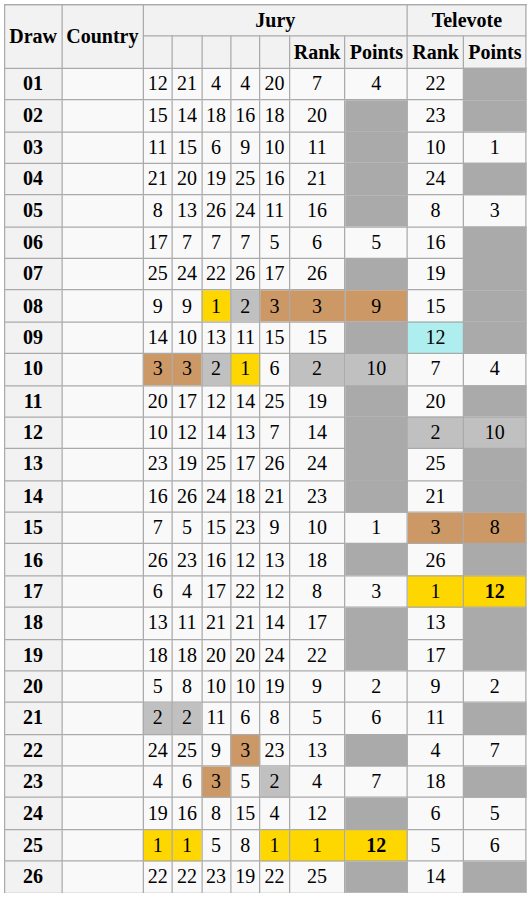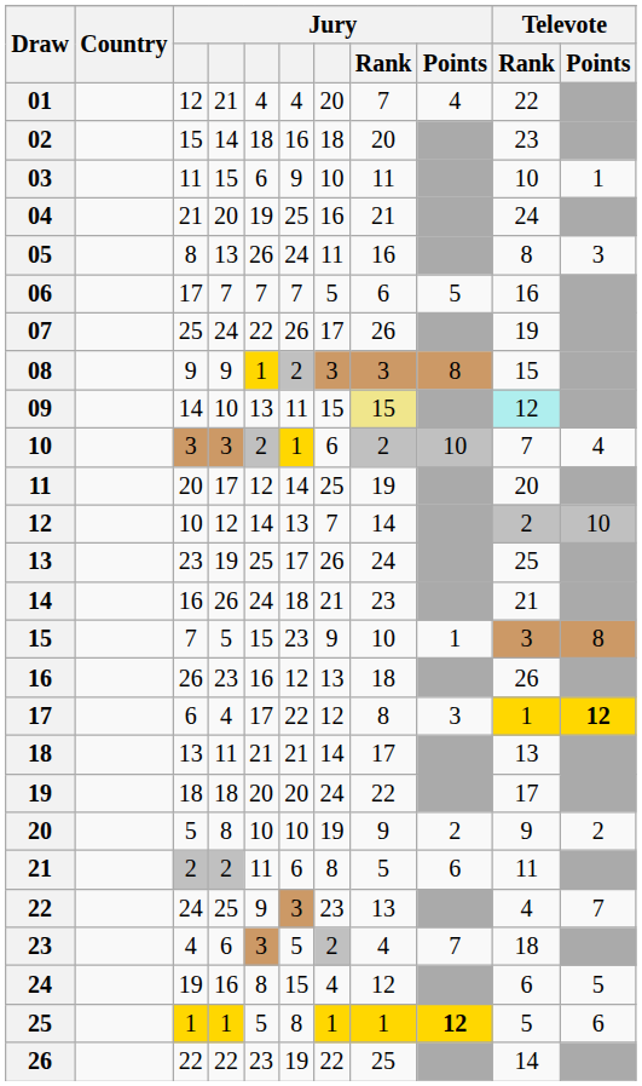 <table class="sortable wikitable collapsible plainrowheaders" style="text-align:center;">
 <tr>
 </tr>
 <tr>
 <th scope="col" rowspan="2">Draw</th>
 <th scope="col" rowspan="2">Country</th>
 <th scope="col" colspan="7">Jury</th>
 <th scope="col" colspan="2">Televote</th>
 </tr>
 <tr>
 <th scope="col"><small></small></th>
 <th scope="col"><small></small></th>
 <th scope="col"><small></small></th>
 <th scope="col"><small></small></th>
 <th scope="col"><small></small></th>
 <th scope="col">Rank</th>
 <th scope="col">Points</th>
 <th scope="col">Rank</th>
 <th scope="col">Points</th>
 </tr>
 <tr>
 <th scope="row" style="text-align:center;">01</th>
 <td style="text-align:left;"></td>
 <td>12</td>
 <td>21</td>
 <td>4</td>
 <td>4</td>
 <td>20</td>
 <td>7</td>
 <td>4</td>
 <td>22</td>
 <td style="background:#AAAAAA;"></td>
 </tr>
 <tr>
 <th scope="row" style="text-align:center;">02</th>
 <td style="text-align:left;"></td>
 <td>15</td>
 <td>14</td>
 <td>18</td>
 <td>16</td>
 <td>18</td>
 <td>20</td>
 <td style="background:#AAAAAA;"></td>
 <td>23</td>
 <td style="background:#AAAAAA;"></td>
 </tr>
 <tr>
 <th scope="row" style="text-align:center;">03</th>
 <td style="text-align:left;"></td>
 <td>11</td>
 <td>15</td>
 <td>6</td>
 <td>9</td>
 <td>10</td>
 <td>11</td>
 <td style="background:#AAAAAA;"></td>
 <td>10</td>
 <td>1</td>
 </tr>
 <tr>
 <th scope="row" style="text-align:center;">04</th>
 <td style="text-align:left;"></td>
 <td>21</td>
 <td>20</td>
 <td>19</td>
 <td>25</td>
 <td>16</td>
 <td>21</td>
 <td style="background:#AAAAAA;"></td>
 <td>24</td>
 <td style="background:#AAAAAA;"></td>
 </tr>
 <tr>
 <th scope="row" style="text-align:center;">05</th>
 <td style="text-align:left;"></td>
 <td>8</td>
 <td>13</td>
 <td>26</td>
 <td>24</td>
 <td>11</td>
 <td>16</td>
 <td style="background:#AAAAAA;"></td>
 <td>8</td>
 <td>3</td>
 </tr>
 <tr>
 <th scope="row" style="text-align:center;">06</th>
 <td style="text-align:left;"></td>
 <td>17</td>
 <td>7</td>
 <td>7</td>
 <td>7</td>
 <td>5</td>
 <td>6</td>
 <td>5</td>
 <td>16</td>
 <td style="background:#AAAAAA;"></td>
 </tr>
 <tr>
 <th scope="row" style="text-align:center;">07</th>
 <td style="text-align:left;"></td>
 <td>25</td>
 <td>24</td>
 <td>22</td>
 <td>26</td>
 <td>17</td>
 <td>26</td>
 <td style="background:#AAAAAA;"></td>
 <td>19</td>
 <td style="background:#AAAAAA;"></td>
 </tr>
 <tr>
 <th scope="row" style="text-align:center;">08</th>
 <td style="text-align:left;"></td>
 <td>9</td>
 <td>9</td>
 <td style="background:gold;">1</td>
 <td style="background:silver;">2</td>
 <td style="background:#CC9966;">3</td>
 <td style="background:#CC9966;">3</td>
-<td style="background:#CC9966;">9</td>
+<td style="background:#CC9966;">8</td>
 <td>15</td>
 <td style="background:#AAAAAA;"></td>
 </tr>
 <tr>
 <th scope="row" style="text-align:center;">09</th>
 <td style="text-align:left;"></td>
 <td>14</td>
 <td>10</td>
 <td>13</td>
 <td>11</td>
 <td>15</td>
-<td>15</td>
+<td style="background: khaki;">15</td>
 <td style="background:#AAAAAA;"></td>
 <td style="background: paleturquoise;">12</td>
 <td style="background:#AAAAAA;"></td>
 </tr>
 <tr>
 <th scope="row" style="text-align:center;">10</th>
 <td style="text-align:left;"></td>
 <td style="background:#CC9966;">3</td>
 <td style="background:#CC9966;">3</td>
 <td style="background:silver;">2</td>
 <td style="background:gold;">1</td>
 <td>6</td>
 <td style="background:silver;">2</td>
 <td style="background:silver;">10</td>
 <td>7</td>
 <td>4</td>
 </tr>
 <tr>
 <th scope="row" style="text-align:center;">11</th>
 <td style="text-align:left;"></td>
 <td>20</td>
 <td>17</td>
 <td>12</td>
 <td>14</td>
 <td>25</td>
 <td>19</td>
 <td style="background:#AAAAAA;"></td>
 <td>20</td>
 <td style="background:#AAAAAA;"></td>
 </tr>
 <tr>
 <th scope="row" style="text-align:center;">12</th>
 <td style="text-align:left;"></td>
 <td>10</td>
 <td>12</td>
 <td>14</td>
 <td>13</td>
 <td>7</td>
 <td>14</td>
 <td style="background:#AAAAAA;"></td>
 <td style="background:silver;">2</td>
 <td style="background:silver;">10</td>
 </tr>
 <tr>
 <th scope="row" style="text-align:center;">13</th>
 <td style="text-align:left;"></td>
 <td>23</td>
 <td>19</td>
 <td>25</td>
 <td>17</td>
 <td>26</td>
 <td>24</td>
 <td style="background:#AAAAAA;"></td>
 <td>25</td>
 <td style="background:#AAAAAA;"></td>
 </tr>
 <tr>
 <th scope="row" style="text-align:center;">14</th>
 <td style="text-align:left;"></td>
 <td>16</td>
 <td>26</td>
 <td>24</td>
 <td>18</td>
 <td>21</td>
 <td>23</td>
 <td style="background:#AAAAAA;"></td>
 <td>21</td>
 <td style="background:#AAAAAA;"></td>
 </tr>
 <tr>
 <th scope="row" style="text-align:center;">15</th>
 <td style="text-align:left;"></td>
 <td>7</td>
 <td>5</td>
 <td>15</td>
 <td>23</td>
 <td>9</td>
 <td>10</td>
 <td>1</td>
 <td style="background:#CC9966;">3</td>
 <td style="background:#CC9966;">8</td>
 </tr>
 <tr>
 <th scope="row" style="text-align:center;">16</th>
 <td style="text-align:left;"></td>
 <td>26</td>
 <td>23</td>
 <td>16</td>
 <td>12</td>
 <td>13</td>
 <td>18</td>
 <td style="background:#AAAAAA;"></td>
 <td>26</td>
 <td style="background:#AAAAAA;"></td>
 </tr>
 <tr>
 <th scope="row" style="text-align:center;">17</th>
 <td style="text-align:left;"></td>
 <td>6</td>
 <td>4</td>
 <td>17</td>
 <td>22</td>
 <td>12</td>
 <td>8</td>
 <td>3</td>
 <td style="background:gold;">1</td>
 <td style="background:gold;"><strong>12</strong></td>
 </tr>
 <tr>
 <th scope="row" style="text-align:center;">18</th>
 <td style="text-align:left;"></td>
 <td>13</td>
 <td>11</td>
 <td>21</td>
 <td>21</td>
 <td>14</td>
 <td>17</td>
 <td style="background:#AAAAAA;"></td>
 <td>13</td>
 <td style="background:#AAAAAA;"></td>
 </tr>
 <tr>
 <th scope="row" style="text-align:center;">19</th>
 <td style="text-align:left;"></td>
 <td>18</td>
 <td>18</td>
 <td>20</td>
 <td>20</td>
 <td>24</td>
 <td>22</td>
 <td style="background:#AAAAAA;"></td>
 <td>17</td>
 <td style="background:#AAAAAA;"></td>
 </tr>
 <tr>
 <th scope="row" style="text-align:center;">20</th>
 <td style="text-align:left;"></td>
 <td>5</td>
 <td>8</td>
 <td>10</td>
 <td>10</td>
 <td>19</td>
 <td>9</td>
 <td>2</td>
 <td>9</td>
 <td>2</td>
 </tr>
 <tr>
 <th scope="row" style="text-align:center;">21</th>
 <td style="text-align:left;"></td>
 <td style="background:silver;">2</td>
 <td style="background:silver;">2</td>
 <td>11</td>
 <td>6</td>
 <td>8</td>
 <td>5</td>
 <td>6</td>
 <td>11</td>
 <td style="background:#AAAAAA;"></td>
 </tr>
 <tr>
 <th scope="row" style="text-align:center;">22</th>
 <td style="text-align:left;"></td>
 <td>24</td>
 <td>25</td>
 <td>9</td>
 <td style="background:#CC9966;">3</td>
 <td>23</td>
 <td>13</td>
 <td style="background:#AAAAAA;"></td>
 <td>4</td>
 <td>7</td>
 </tr>
 <tr>
 <th scope="row" style="text-align:center;">23</th>
 <td style="text-align:left;"></td>
 <td>4</td>
 <td>6</td>
 <td style="background:#CC9966;">3</td>
 <td>5</td>
 <td style="background:silver;">2</td>
 <td>4</td>
 <td>7</td>
 <td>18</td>
 <td style="background:#AAAAAA;"></td>
 </tr>
 <tr>
 <th scope="row" style="text-align:center;">24</th>
 <td style="text-align:left;"></td>
 <td>19</td>
 <td>16</td>
 <td>8</td>
 <td>15</td>
 <td>4</td>
 <td>12</td>
 <td style="background:#AAAAAA;"></td>
 <td>6</td>
 <td>5</td>
 </tr>
 <tr>
 <th scope="row" style="text-align:center;">25</th>
 <td style="text-align:left;"></td>
 <td style="background:gold;">1</td>
 <td style="background:gold;">1</td>
 <td>5</td>
 <td>8</td>
 <td style="background:gold;">1</td>
 <td style="background:gold;">1</td>
 <td style="background:gold;"><strong>12</strong></td>
 <td>5</td>
 <td>6</td>
 </tr>
 <tr>
 <th scope="row" style="text-align:center;">26</th>
 <td style="text-align:left;"></td>
 <td>22</td>
 <td>22</td>
 <td>23</td>
 <td>19</td>
 <td>22</td>
 <td>25</td>
 <td style="background:#AAAAAA;"></td>
 <td>14</td>
 <td style="background:#AAAAAA;"></td>
 </tr>
 </table>
